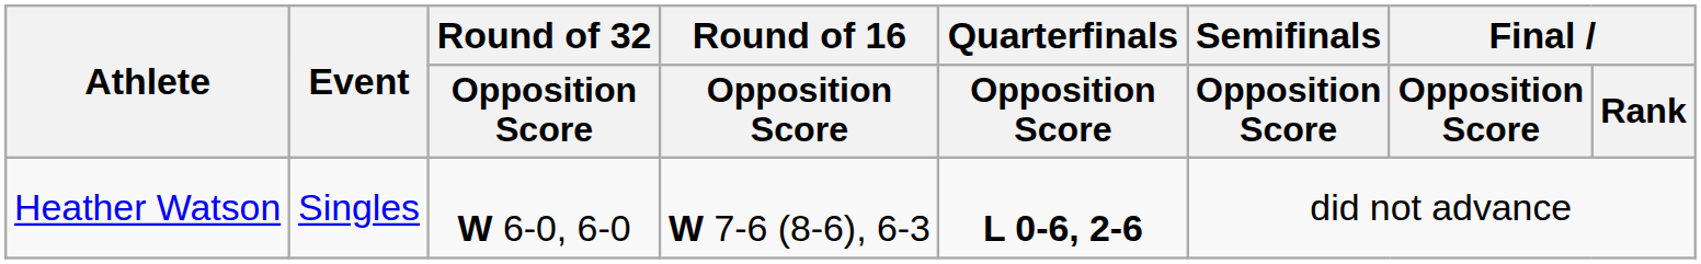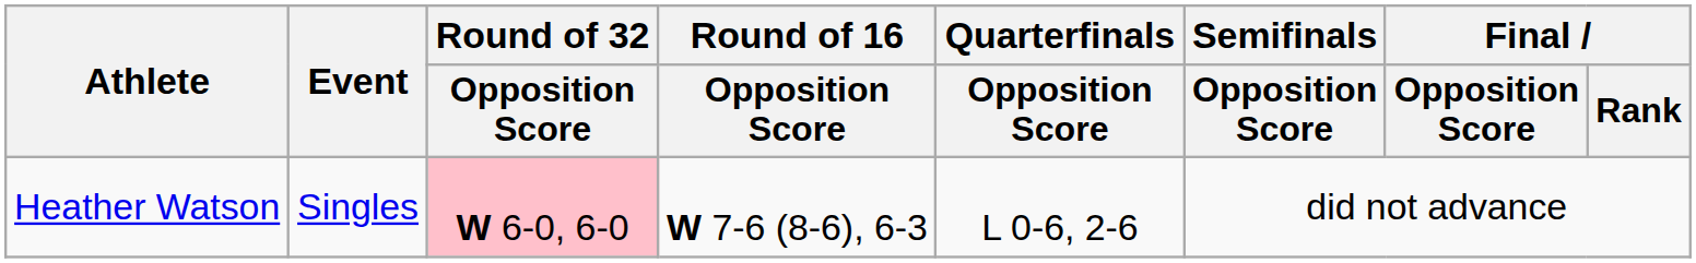 <table class=wikitable style="font-size:90%">
 <tr>
 <th rowspan=2>Athlete</th>
 <th rowspan=2>Event</th>
 <th>Round of 32</th>
 <th>Round of 16</th>
 <th>Quarterfinals</th>
 <th>Semifinals</th>
 <th colspan=2>Final / </th>
 </tr>
 <tr style="font-size:95%">
 <th>Opposition<br>Score</th>
 <th>Opposition<br>Score</th>
 <th>Opposition<br>Score</th>
 <th>Opposition<br>Score</th>
 <th>Opposition<br>Score</th>
 <th>Rank</th>
 </tr>
 <tr align=center>
 <td align=left><a href='#'>Heather Watson</a></td>
 <td align=left rowspan=4><a href='#'>Singles</a></td>
-<td><br><strong>W</strong> 6-0, 6-0</td>
+<td style="background: pink;"><br><strong>W</strong> 6-0, 6-0</td>
 <td><br><strong>W</strong> 7-6 (8-6), 6-3</td>
-<td><strong><br>L 0-6, 2-6</strong></td>
+<td><br>L 0-6, 2-6</td>
 <td colspan=3>did not advance</td>
 </tr>
 </table>
